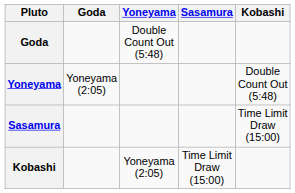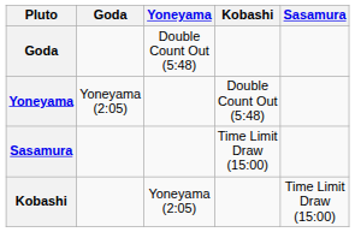 <table class="wikitable" style="text-align:center; margin: 1em auto 1em auto">
 <tr>
 <th>Pluto</th>
 <th>Goda</th>
 <th><a href='#'>Yoneyama</a></th>
+<th>Kobashi</th>
 <th><a href='#'>Sasamura</a></th>
-<th>Kobashi</th>
 </tr>
 <tr>
 <th>Goda</th>
 <td></td>
 <td>Double<br>Count Out<br>(5:48)</td>
 <td></td>
 <td></td>
 </tr>
 <tr>
 <th><a href='#'>Yoneyama</a></th>
 <td>Yoneyama<br>(2:05)</td>
 <td></td>
+<td>Double<br>Count Out<br>(5:48)</td>
 <td></td>
-<td>Double<br>Count Out<br>(5:48)</td>
 </tr>
 <tr>
 <th><a href='#'>Sasamura</a></th>
 <td></td>
 <td></td>
+<td>Time Limit<br>Draw<br>(15:00)</td>
 <td></td>
-<td>Time Limit<br>Draw<br>(15:00)</td>
 </tr>
 <tr>
 <th>Kobashi</th>
 <td></td>
 <td>Yoneyama<br>(2:05)</td>
+<td></td>
 <td>Time Limit<br>Draw<br>(15:00)</td>
-<td></td>
 </tr>
 </table>
